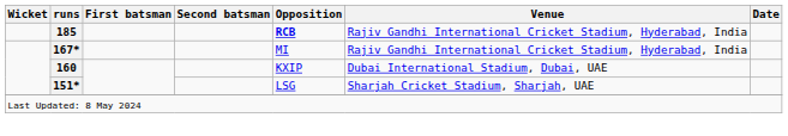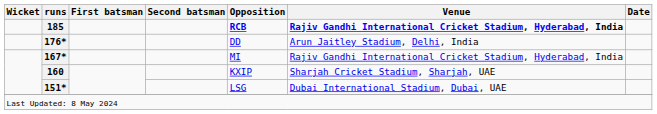 <table class="wikitable">
 <tr>
 <th style="text-align:center;">Wicket</th>
 <th style="text-align:center;">runs</th>
 <th style="text-align:center;">First batsman</th>
 <th style="text-align:center;">Second batsman</th>
 <th style="text-align:center;">Opposition</th>
 <th style="text-align:center;">Venue</th>
 <th style="text-align:center;">Date</th>
 </tr>
 <tr>
 <td scope=row style=text-align:center;></td>
 <th scope=row style=text-align:center;>185</th>
 <td></td>
 <td></td>
 <td><strong><a href='#'>RCB</a></strong></td>
-<td><a href='#'>Rajiv Gandhi International Cricket Stadium</a>, <a href='#'>Hyderabad</a>, India</td>
+<td><strong><a href='#'>Rajiv Gandhi International Cricket Stadium</a>, <a href='#'>Hyderabad</a>, India</strong></td>
+<td></td>
+</tr>
+<tr>
+<td scope=row style=text-align:center;></td>
+<th scope=row style=text-align:center;>176*</th>
+<td></td>
+<td></td>
+<td><a href='#'>DD</a></td>
+<td><a href='#'>Arun Jaitley Stadium</a>, <a href='#'>Delhi</a>, India</td>
 <td></td>
 </tr>
 <tr>
 <td scope=row style=text-align:center; rowspan=3></td>
 <th scope=row style=text-align:center;>167*</th>
 <td></td>
 <td></td>
 <td><a href='#'>MI</a></td>
 <td><a href='#'>Rajiv Gandhi International Cricket Stadium</a>, <a href='#'>Hyderabad</a>, India</td>
 <td></td>
 </tr>
 <tr>
 <th scope=row style=text-align:center;>160</th>
 <td rowspan=2></td>
 <td></td>
 <td><a href='#'>KXIP</a></td>
-<td><a href='#'>Dubai International Stadium</a>, <a href='#'>Dubai</a>, UAE</td>
+<td><a href='#'>Sharjah Cricket Stadium</a>, <a href='#'>Sharjah</a>, UAE</td>
 <td></td>
 </tr>
 <tr>
 <th scope=row style=text-align:center;>151*</th>
 <td></td>
 <td><a href='#'>LSG</a></td>
-<td><a href='#'>Sharjah Cricket Stadium</a>, <a href='#'>Sharjah</a>, UAE</td>
+<td><a href='#'>Dubai International Stadium</a>, <a href='#'>Dubai</a>, UAE</td>
 <td></td>
 </tr>
 <tr>
 </tr>
 <tr class=sortbottom>
 <td colspan=7><small>Last Updated: 8 May 2024</small></td>
 </tr>
 </table>
